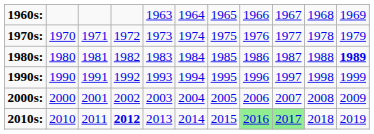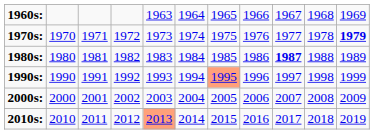 <table class="wikitable" style="width:40%;">
 <tr>
 <td><strong>1960s:</strong></td>
 <td> </td>
 <td> </td>
 <td> </td>
 <td><a href='#'>1963</a></td>
 <td><a href='#'>1964</a></td>
 <td><a href='#'>1965</a></td>
 <td><a href='#'>1966</a></td>
 <td><a href='#'>1967</a></td>
 <td><a href='#'>1968</a></td>
 <td><a href='#'>1969</a></td>
 </tr>
 <tr>
 <td><strong>1970s:</strong></td>
 <td><a href='#'>1970</a></td>
 <td><a href='#'>1971</a></td>
 <td><a href='#'>1972</a></td>
 <td><a href='#'>1973</a></td>
 <td><a href='#'>1974</a></td>
 <td><a href='#'>1975</a></td>
 <td><a href='#'>1976</a></td>
 <td><a href='#'>1977</a></td>
 <td><a href='#'>1978</a></td>
-<td><a href='#'>1979</a></td>
+<td><strong><a href='#'>1979</a></strong></td>
 </tr>
 <tr>
 <td><strong>1980s:</strong></td>
 <td><a href='#'>1980</a></td>
 <td><a href='#'>1981</a></td>
 <td><a href='#'>1982</a></td>
 <td><a href='#'>1983</a></td>
 <td><a href='#'>1984</a></td>
 <td><a href='#'>1985</a></td>
 <td><a href='#'>1986</a></td>
-<td><a href='#'>1987</a></td>
+<td><strong><a href='#'>1987</a></strong></td>
 <td><a href='#'>1988</a></td>
-<td><strong><a href='#'>1989</a></strong></td>
+<td><a href='#'>1989</a></td>
 </tr>
 <tr>
 <td><strong>1990s:</strong></td>
 <td><a href='#'>1990</a></td>
 <td><a href='#'>1991</a></td>
 <td><a href='#'>1992</a></td>
 <td><a href='#'>1993</a></td>
 <td><a href='#'>1994</a></td>
-<td><a href='#'>1995</a></td>
+<td style="background: lightsalmon;"><a href='#'>1995</a></td>
 <td><a href='#'>1996</a></td>
 <td><a href='#'>1997</a></td>
 <td><a href='#'>1998</a></td>
 <td><a href='#'>1999</a></td>
 </tr>
 <tr>
 <td><strong>2000s:</strong></td>
 <td><a href='#'>2000</a></td>
 <td><a href='#'>2001</a></td>
 <td><a href='#'>2002</a></td>
 <td><a href='#'>2003</a></td>
 <td><a href='#'>2004</a></td>
 <td><a href='#'>2005</a></td>
 <td><a href='#'>2006</a></td>
 <td><a href='#'>2007</a></td>
 <td><a href='#'>2008</a></td>
 <td><a href='#'>2009</a></td>
 </tr>
 <tr>
 <td><strong>2010s:</strong></td>
 <td><a href='#'>2010</a></td>
 <td><a href='#'>2011</a></td>
-<td><strong><a href='#'>2012</a></strong></td>
-<td><a href='#'>2013</a></td>
+<td><a href='#'>2012</a></td>
+<td style="background: lightsalmon;"><a href='#'>2013</a></td>
 <td><a href='#'>2014</a></td>
 <td><a href='#'>2015</a></td>
-<td style="background: lightgreen;"><a href='#'>2016</a></td>
-<td style="background: lightgreen;"><a href='#'>2017</a></td>
+<td><a href='#'>2016</a></td>
+<td><a href='#'>2017</a></td>
 <td><a href='#'>2018</a></td>
 <td><a href='#'>2019</a></td>
 </tr>
 </table>
